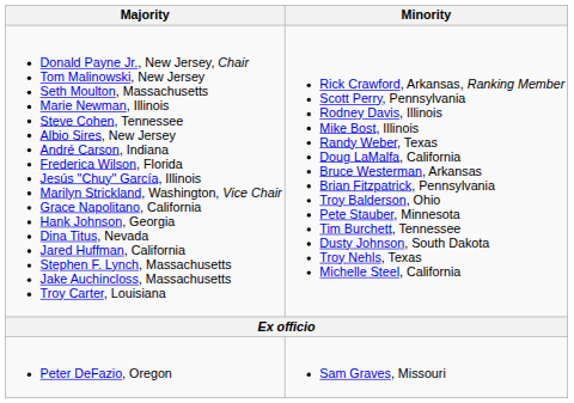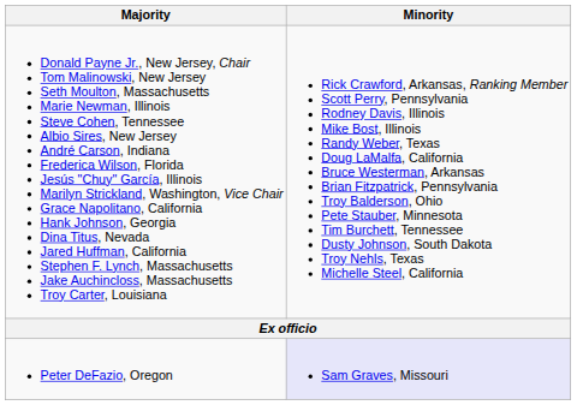 <table class=wikitable>
 <tr>
 <th>Majority</th>
 <th>Minority</th>
 </tr>
 <tr>
 <td><br><ul><li><a href='#'>Donald Payne Jr.</a>, New Jersey, <em>Chair</em></li><li><a href='#'>Tom Malinowski</a>, New Jersey</li><li><a href='#'>Seth Moulton</a>, Massachusetts</li><li><a href='#'>Marie Newman</a>, Illinois</li><li><a href='#'>Steve Cohen</a>, Tennessee</li><li><a href='#'>Albio Sires</a>, New Jersey</li><li><a href='#'>André Carson</a>, Indiana</li><li><a href='#'>Frederica Wilson</a>, Florida</li><li><a href='#'>Jesús "Chuy" García</a>, Illinois</li><li><a href='#'>Marilyn Strickland</a>, Washington, <em>Vice Chair</em></li><li><a href='#'>Grace Napolitano</a>, California</li><li><a href='#'>Hank Johnson</a>, Georgia</li><li><a href='#'>Dina Titus</a>, Nevada</li><li><a href='#'>Jared Huffman</a>, California</li><li><a href='#'>Stephen F. Lynch</a>, Massachusetts</li><li><a href='#'>Jake Auchincloss</a>, Massachusetts</li><li><a href='#'> Troy Carter</a>, Louisiana</li></ul></td>
 <td><br><ul><li><a href='#'>Rick Crawford</a>, Arkansas, <em>Ranking Member</em></li><li><a href='#'>Scott Perry</a>, Pennsylvania</li><li><a href='#'>Rodney Davis</a>, Illinois</li><li><a href='#'>Mike Bost</a>, Illinois</li><li><a href='#'>Randy Weber</a>, Texas</li><li><a href='#'>Doug LaMalfa</a>, California</li><li><a href='#'>Bruce Westerman</a>, Arkansas</li><li><a href='#'>Brian Fitzpatrick</a>, Pennsylvania</li><li><a href='#'>Troy Balderson</a>, Ohio</li><li><a href='#'>Pete Stauber</a>, Minnesota</li><li><a href='#'>Tim Burchett</a>, Tennessee</li><li><a href='#'>Dusty Johnson</a>, South Dakota</li><li><a href='#'>Troy Nehls</a>, Texas</li><li><a href='#'>Michelle Steel</a>, California</li></ul></td>
 </tr>
 <tr>
 <th colspan=2><em>Ex officio</em></th>
 </tr>
 <tr>
 <td><br><ul><li><a href='#'>Peter DeFazio</a>, Oregon</li></ul></td>
-<td><br><ul><li><a href='#'>Sam Graves</a>, Missouri</li></ul></td>
+<td style="background: lavender;"><br><ul><li><a href='#'>Sam Graves</a>, Missouri</li></ul></td>
 </tr>
 </table>
